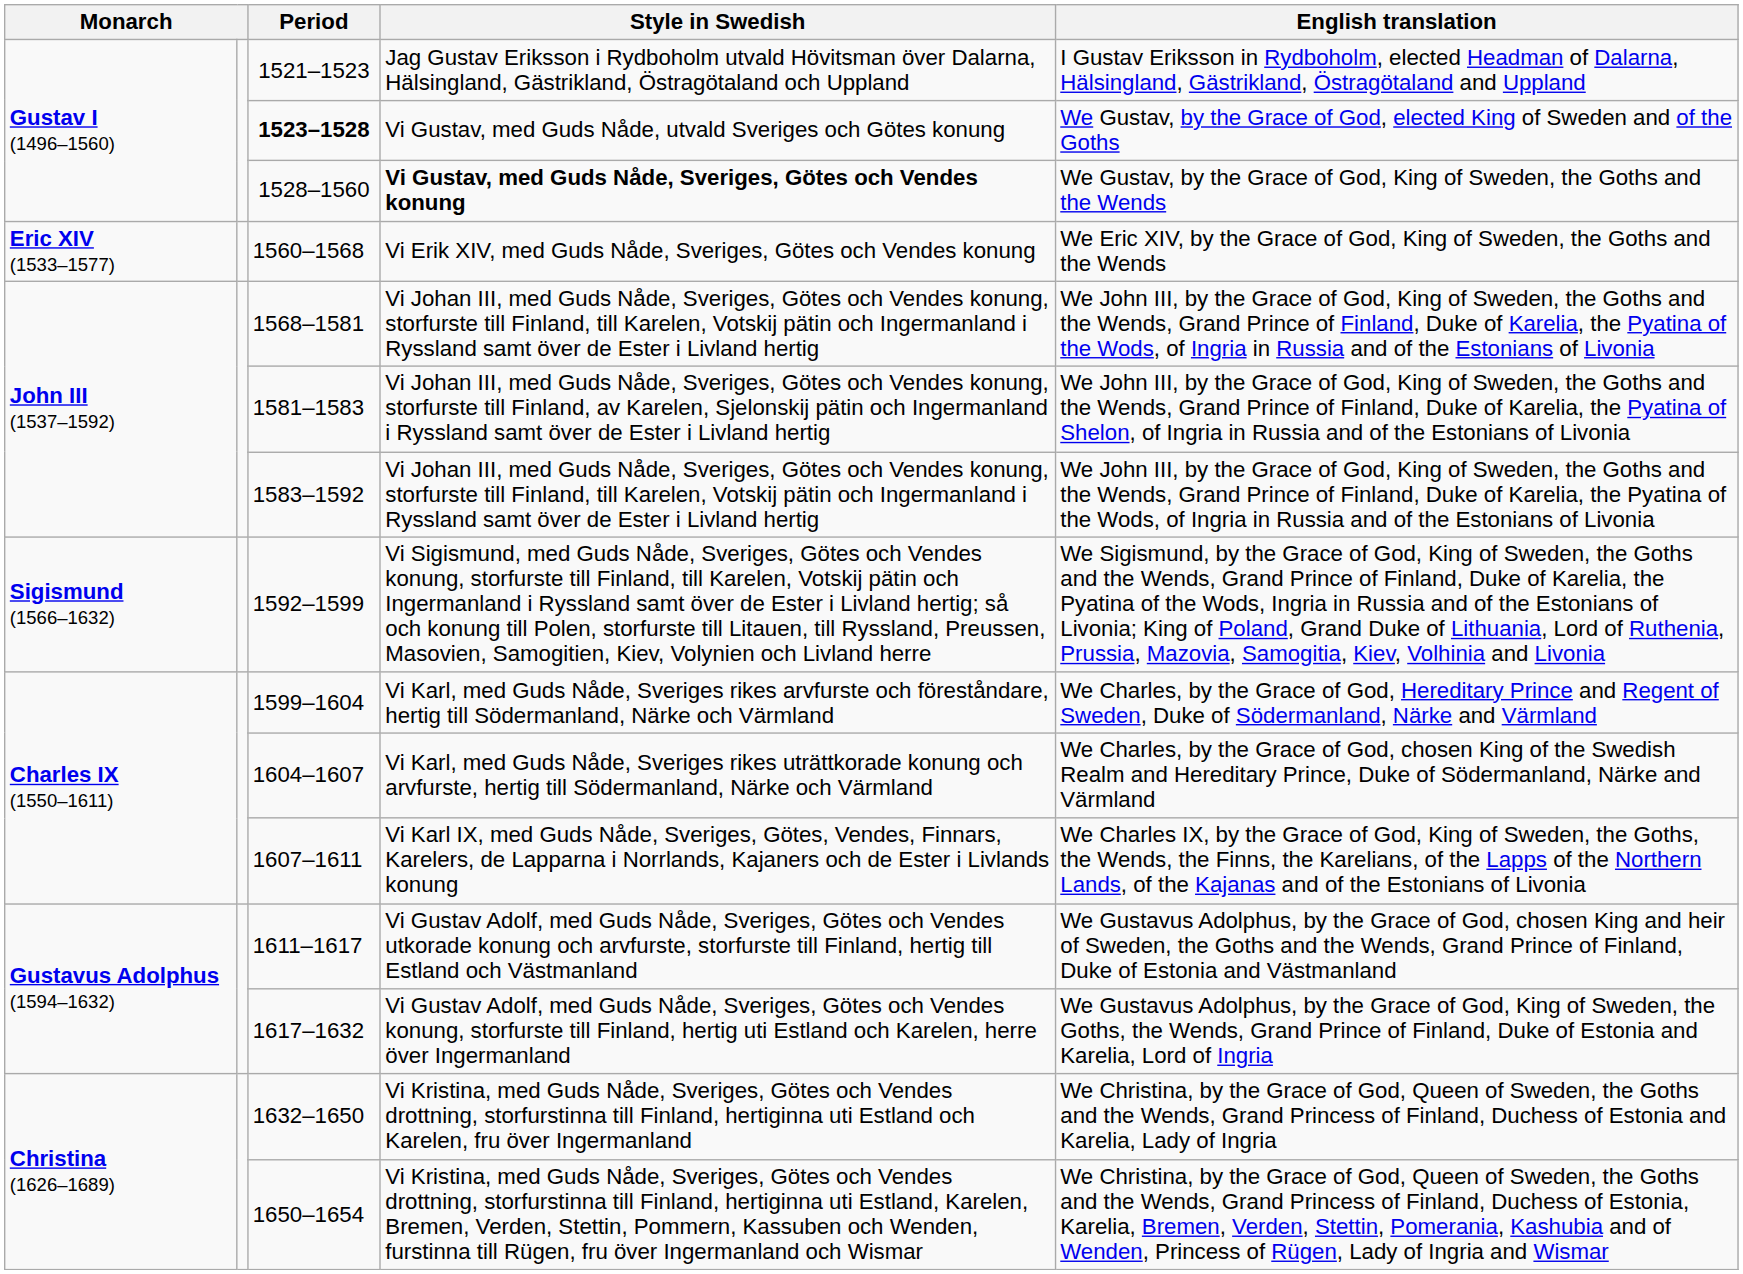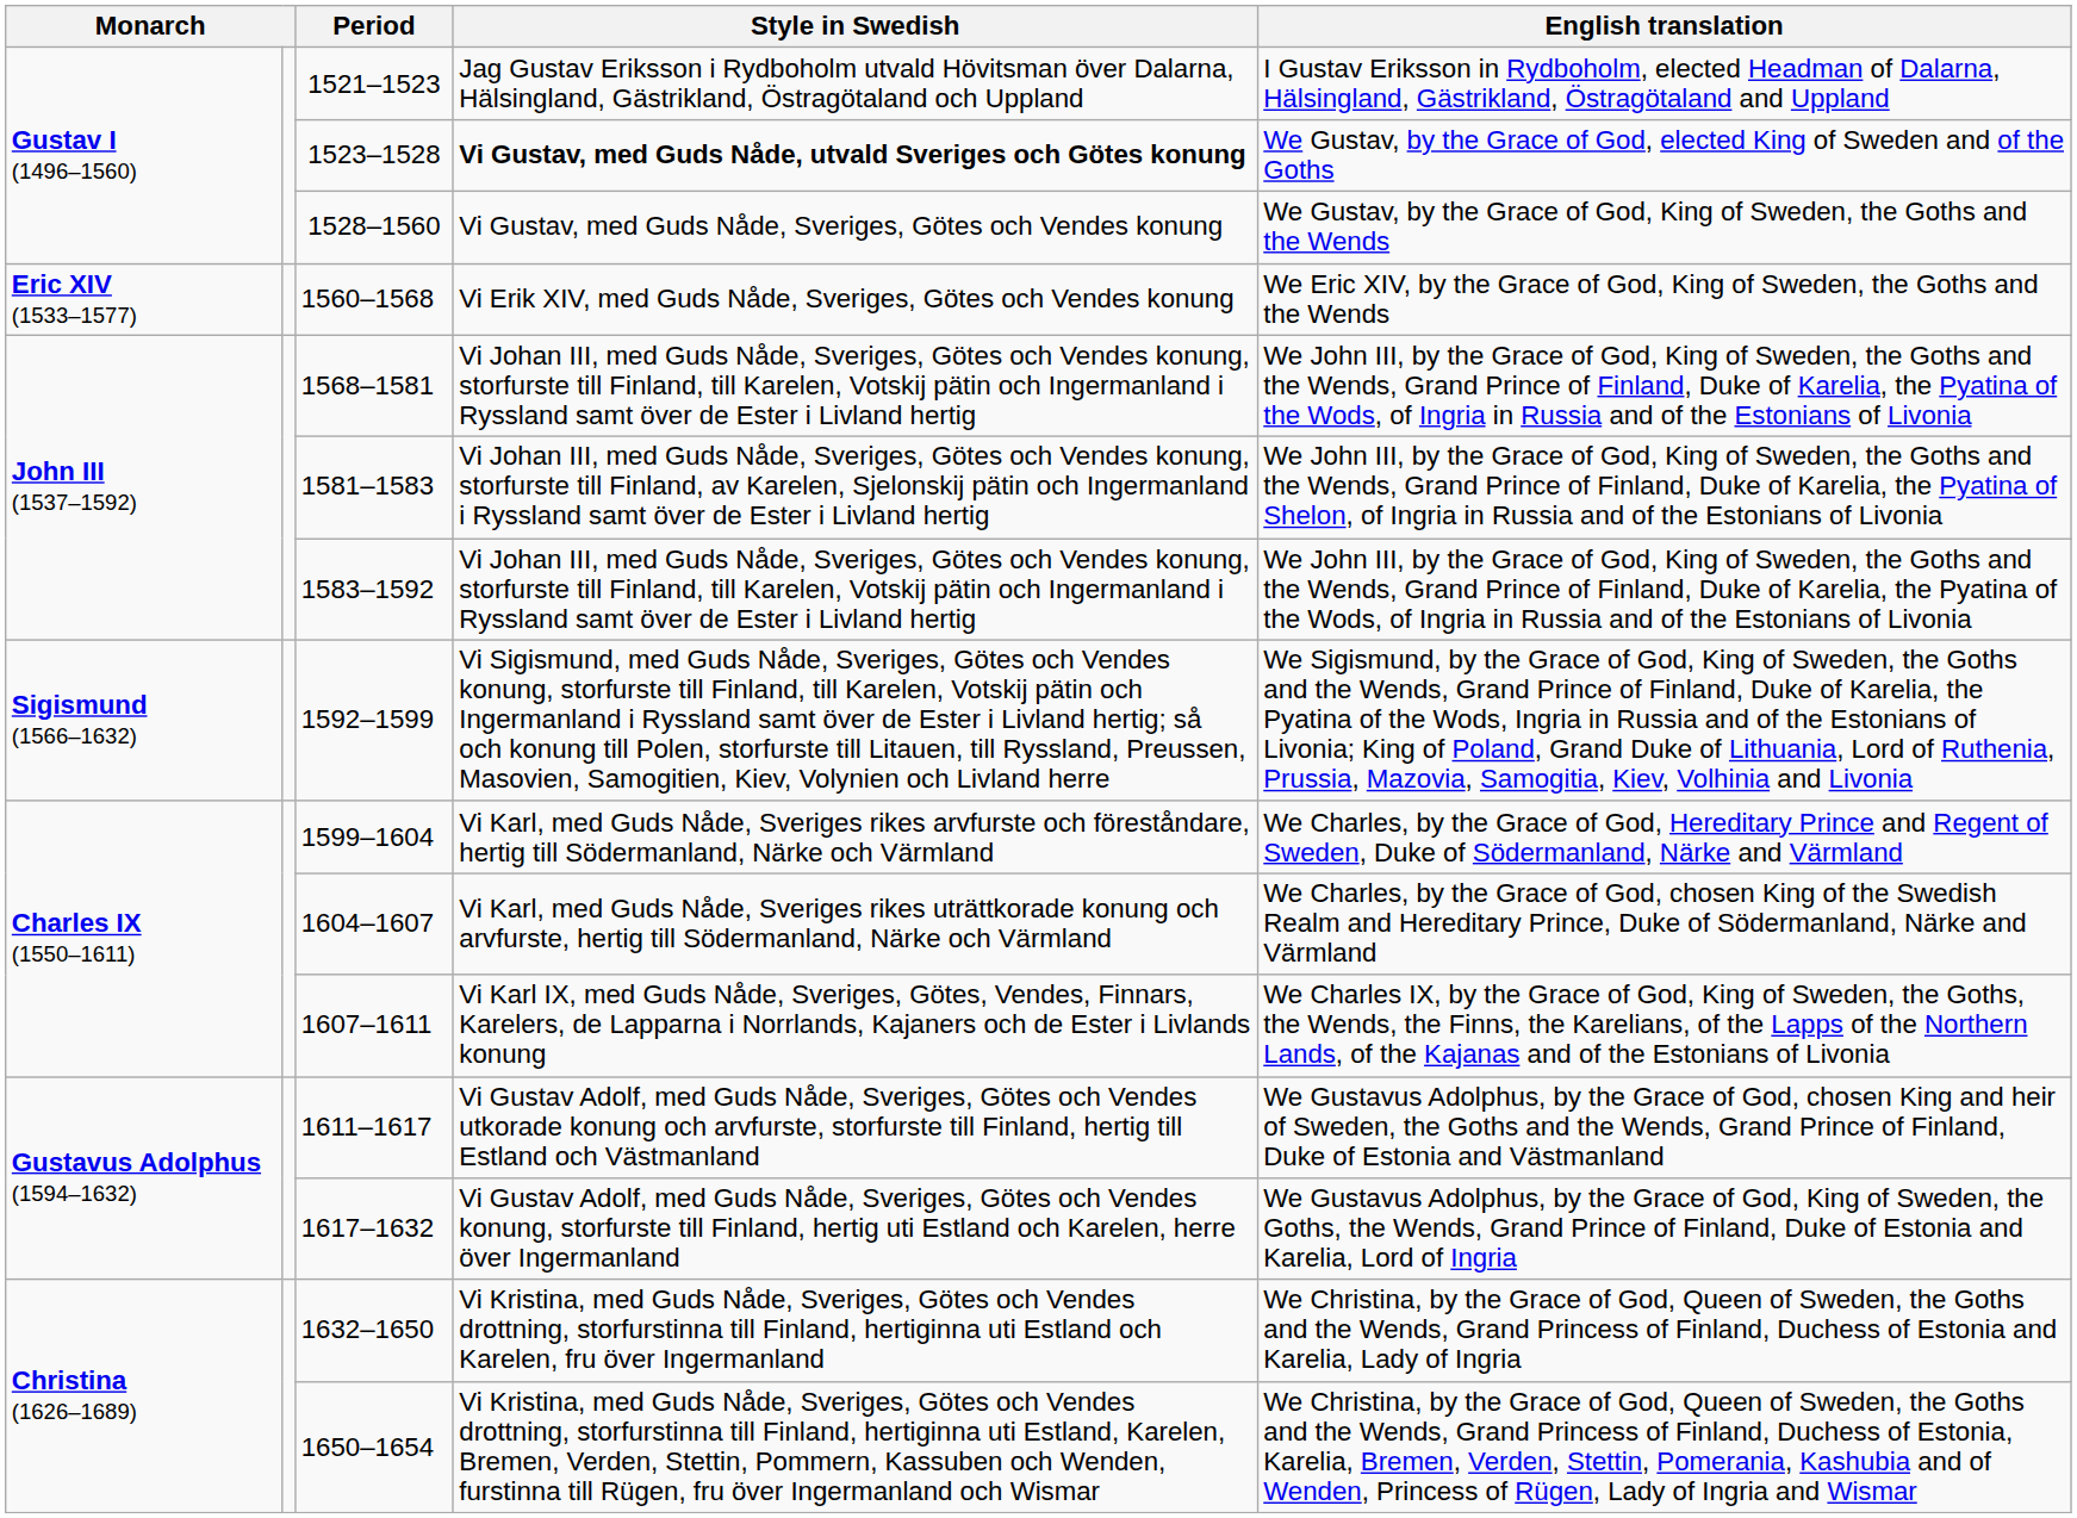 <table class="wikitable">
 <tr>
 <th colspan="2">Monarch</th>
 <th style="width:5.5em;text-align:center;">Period</th>
 <th>Style in Swedish</th>
 <th>English translation</th>
 </tr>
 <tr>
 <td rowspan="3" style="width:10em;"><strong><a href='#'>Gustav I</a></strong><br><small>(1496–1560)</small></td>
 <td rowspan="3"></td>
 <td style="text-align:center;">1521–1523</td>
 <td>Jag Gustav Eriksson i Rydboholm utvald Hövitsman över Dalarna, Hälsingland, Gästrikland, Östragötaland och Uppland</td>
 <td>I Gustav Eriksson in <a href='#'>Rydboholm</a>, elected <a href='#'>Headman</a> of <a href='#'>Dalarna</a>, <a href='#'>Hälsingland</a>, <a href='#'>Gästrikland</a>, <a href='#'>Östragötaland</a> and <a href='#'>Uppland</a></td>
 </tr>
 <tr>
-<td style="text-align:center;"><strong>1523–1528</strong></td>
-<td>Vi Gustav, med Guds Nåde, utvald Sveriges och Götes konung</td>
+<td style="text-align:center;">1523–1528</td>
+<td><strong>Vi Gustav, med Guds Nåde, utvald Sveriges och Götes konung</strong></td>
 <td><a href='#'>We</a> Gustav, <a href='#'>by the Grace of God</a>, <a href='#'>elected King</a> of Sweden and <a href='#'>of the Goths</a></td>
 </tr>
 <tr>
 <td style="text-align:center;">1528–1560</td>
-<td><strong>Vi Gustav, med Guds Nåde, Sveriges, Götes och Vendes konung</strong></td>
+<td>Vi Gustav, med Guds Nåde, Sveriges, Götes och Vendes konung</td>
 <td>We Gustav, by the Grace of God, King of Sweden, the Goths and <a href='#'>the Wends</a></td>
 </tr>
 <tr>
 <td><strong><a href='#'>Eric XIV</a></strong><br><small>(1533–1577)</small></td>
 <td></td>
 <td>1560–1568</td>
 <td>Vi Erik XIV, med Guds Nåde, Sveriges, Götes och Vendes konung</td>
 <td>We Eric XIV, by the Grace of God, King of Sweden, the Goths and the Wends</td>
 </tr>
 <tr>
 <td rowspan="3"><strong><a href='#'>John III</a></strong><br><small>(1537–1592)</small></td>
 <td rowspan="3"></td>
 <td>1568–1581</td>
 <td>Vi Johan III, med Guds Nåde, Sveriges, Götes och Vendes konung, storfurste till Finland, till Karelen, Votskij pätin och Ingermanland i Ryssland samt över de Ester i Livland hertig</td>
 <td>We John III, by the Grace of God, King of Sweden, the Goths and the Wends, Grand Prince of <a href='#'>Finland</a>, Duke of <a href='#'>Karelia</a>, the <a href='#'>Pyatina of the Wods</a>, of <a href='#'>Ingria</a> in <a href='#'>Russia</a> and of the <a href='#'>Estonians</a> of <a href='#'>Livonia</a></td>
 </tr>
 <tr>
 <td>1581–1583</td>
 <td>Vi Johan III, med Guds Nåde, Sveriges, Götes och Vendes konung, storfurste till Finland, av Karelen, Sjelonskij pätin och Ingermanland i Ryssland samt över de Ester i Livland hertig</td>
 <td>We John III, by the Grace of God, King of Sweden, the Goths and the Wends, Grand Prince of Finland, Duke of Karelia, the <a href='#'>Pyatina of Shelon</a>, of Ingria in Russia and of the Estonians of Livonia</td>
 </tr>
 <tr>
 <td>1583–1592</td>
 <td>Vi Johan III, med Guds Nåde, Sveriges, Götes och Vendes konung, storfurste till Finland, till Karelen, Votskij pätin och Ingermanland i Ryssland samt över de Ester i Livland hertig</td>
 <td>We John III, by the Grace of God, King of Sweden, the Goths and the Wends, Grand Prince of Finland, Duke of Karelia, the Pyatina of the Wods, of Ingria in Russia and of the Estonians of Livonia</td>
 </tr>
 <tr>
 <td><strong><a href='#'>Sigismund</a></strong><br><small>(1566–1632)</small></td>
 <td></td>
 <td>1592–1599</td>
 <td>Vi Sigismund, med Guds Nåde, Sveriges, Götes och Vendes konung, storfurste till Finland, till Karelen, Votskij pätin och Ingermanland i Ryssland samt över de Ester i Livland hertig; så och konung till Polen, storfurste till Litauen, till Ryssland, Preussen, Masovien, Samogitien, Kiev, Volynien och Livland herre</td>
 <td>We Sigismund, by the Grace of God, King of Sweden, the Goths and the Wends, Grand Prince of Finland, Duke of Karelia, the Pyatina of the Wods, Ingria in Russia and of the Estonians of Livonia; King of <a href='#'>Poland</a>, Grand Duke of <a href='#'>Lithuania</a>, Lord of <a href='#'>Ruthenia</a>,  <a href='#'>Prussia</a>, <a href='#'>Mazovia</a>, <a href='#'>Samogitia</a>, <a href='#'>Kiev</a>, <a href='#'>Volhinia</a> and <a href='#'>Livonia</a></td>
 </tr>
 <tr>
 <td rowspan="3"><strong><a href='#'>Charles IX</a></strong><br><small>(1550–1611)</small></td>
 <td rowspan="3"></td>
 <td>1599–1604</td>
 <td>Vi Karl, med Guds Nåde, Sveriges rikes arvfurste och föreståndare, hertig till Södermanland, Närke och Värmland</td>
 <td>We Charles, by the Grace of God, <a href='#'>Hereditary Prince</a> and <a href='#'>Regent of Sweden</a>, Duke of <a href='#'>Södermanland</a>, <a href='#'>Närke</a> and <a href='#'>Värmland</a></td>
 </tr>
 <tr>
 <td>1604–1607</td>
 <td>Vi Karl, med Guds Nåde, Sveriges rikes uträttkorade konung och arvfurste, hertig till Södermanland, Närke och Värmland</td>
 <td>We Charles, by the Grace of God, chosen King of the Swedish Realm and Hereditary Prince, Duke of Södermanland, Närke and Värmland</td>
 </tr>
 <tr>
 <td>1607–1611</td>
 <td>Vi Karl IX, med Guds Nåde, Sveriges, Götes, Vendes, Finnars, Karelers, de Lapparna i Norrlands, Kajaners och de Ester i Livlands konung</td>
 <td>We Charles IX, by the Grace of God, King of Sweden, the Goths, the Wends, the Finns, the Karelians, of the <a href='#'>Lapps</a> of the <a href='#'>Northern Lands</a>, of the <a href='#'>Kajanas</a> and of the Estonians of Livonia</td>
 </tr>
 <tr>
 <td rowspan="2"><strong><a href='#'>Gustavus Adolphus</a></strong><br><small>(1594–1632)</small></td>
 <td rowspan="2"></td>
 <td>1611–1617</td>
 <td>Vi Gustav Adolf, med Guds Nåde, Sveriges, Götes och Vendes utkorade konung och arvfurste, storfurste till Finland, hertig till Estland och Västmanland</td>
 <td>We Gustavus Adolphus, by the Grace of God, chosen King and heir of Sweden, the Goths and the Wends, Grand Prince of Finland, Duke of Estonia and Västmanland</td>
 </tr>
 <tr>
 <td>1617–1632</td>
 <td>Vi Gustav Adolf, med Guds Nåde, Sveriges, Götes och Vendes konung, storfurste till Finland, hertig uti Estland och Karelen, herre över Ingermanland</td>
 <td>We Gustavus Adolphus, by the Grace of God, King of Sweden, the Goths, the Wends, Grand Prince of Finland, Duke of Estonia and Karelia, Lord of <a href='#'>Ingria</a></td>
 </tr>
 <tr>
 <td rowspan="2"><strong><a href='#'>Christina</a></strong><br><small>(1626–1689)</small></td>
 <td rowspan="2"></td>
 <td>1632–1650</td>
 <td>Vi Kristina, med Guds Nåde, Sveriges, Götes och Vendes drottning, storfurstinna till Finland, hertiginna uti Estland och Karelen, fru över Ingermanland</td>
 <td>We Christina, by the Grace of God, Queen of Sweden, the Goths and the Wends, Grand Princess of Finland, Duchess of Estonia and Karelia, Lady of Ingria</td>
 </tr>
 <tr>
 <td>1650–1654</td>
 <td>Vi Kristina, med Guds Nåde, Sveriges, Götes och Vendes drottning, storfurstinna till Finland, hertiginna uti Estland, Karelen, Bremen, Verden, Stettin, Pommern, Kassuben och Wenden, furstinna till Rügen, fru över Ingermanland och Wismar</td>
 <td>We Christina, by the Grace of God, Queen of Sweden, the Goths and the Wends, Grand Princess of Finland, Duchess of Estonia, Karelia, <a href='#'>Bremen</a>, <a href='#'>Verden</a>, <a href='#'>Stettin</a>, <a href='#'>Pomerania</a>, <a href='#'>Kashubia</a> and of <a href='#'>Wenden</a>, Princess of <a href='#'>Rügen</a>, Lady of Ingria and <a href='#'>Wismar</a></td>
 </tr>
 </table>
